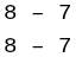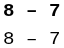 <table style="text-align:center">
 <tr>
 <th width=200></th>
 <th width=100></th>
 <th width=200></th>
 </tr>
 <tr>
 <td align=right><strong></strong></td>
-<td>8 – 7</td>
+<td><strong>8 – 7</strong></td>
 <td align=left></td>
 </tr>
 <tr>
 <td align=right><strong></strong></td>
 <td>8 – 7</td>
 <td align=left></td>
 </tr>
 </table>
